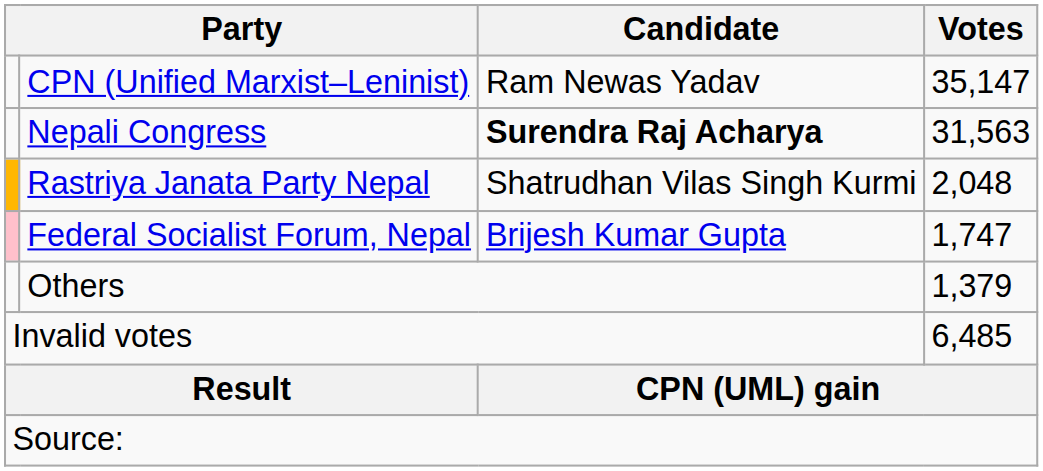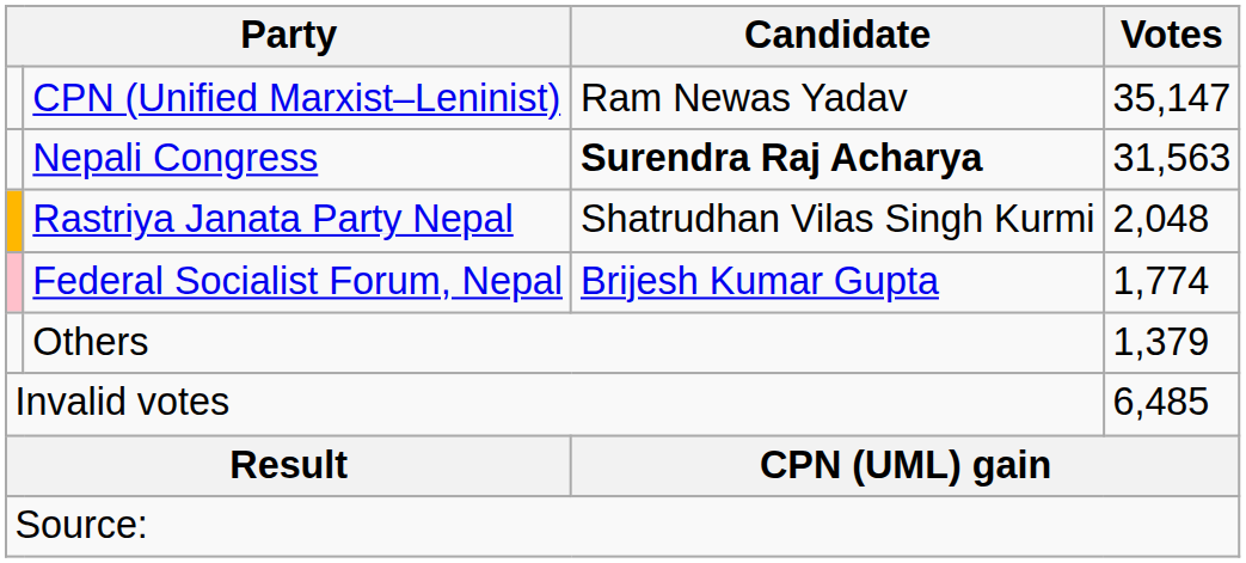 <table class="wikitable">
 <tr>
 <th colspan="2">Party</th>
 <th>Candidate</th>
 <th>Votes</th>
 </tr>
 <tr>
 <td style="background-color:"></td>
 <td><a href='#'>CPN (Unified Marxist–Leninist)</a></td>
 <td>Ram Newas Yadav</td>
 <td>35,147</td>
 </tr>
 <tr>
 <td style="background-color:"></td>
 <td><a href='#'>Nepali Congress</a></td>
 <td><strong>Surendra Raj Acharya</strong></td>
 <td>31,563</td>
 </tr>
 <tr>
 <td style="background-color:#ffb700"></td>
 <td><a href='#'>Rastriya Janata Party Nepal</a></td>
 <td>Shatrudhan Vilas Singh Kurmi</td>
 <td>2,048</td>
 </tr>
 <tr>
 <td style="background-color:pink"></td>
 <td><a href='#'>Federal Socialist Forum, Nepal</a></td>
 <td><a href='#'>Brijesh Kumar Gupta</a></td>
-<td>1,747</td>
+<td>1,774</td>
 </tr>
 <tr>
 <td></td>
 <td colspan="2">Others</td>
 <td>1,379</td>
 </tr>
 <tr>
 <td colspan="3">Invalid votes</td>
 <td>6,485</td>
 </tr>
 <tr>
 <th colspan="2">Result</th>
 <th colspan="2">CPN (UML) gain</th>
 </tr>
 <tr>
 <td colspan="4">Source: </td>
 </tr>
 </table>
